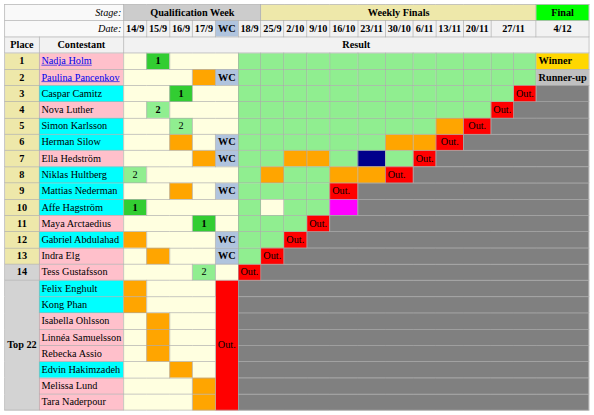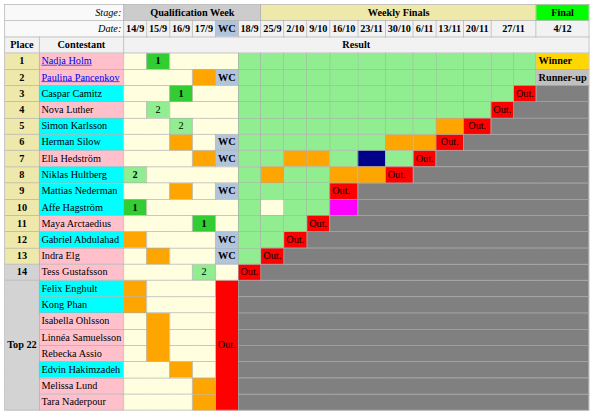 <table class="wikitable" style="margin:1em auto;">
 <tr>
 <td colspan="2" align="right"><em>Stage:</em></td>
 <td align="Center" bgcolor="#cccccc" colspan="6"><strong>Qualification Week</strong></td>
 <td colspan="11" bgcolor="palegoldenrod" align="Center"><strong>Weekly Finals</strong></td>
 <td style="background: Lime" align="Center"><strong>Final</strong></td>
 </tr>
 <tr>
 <td colspan="2" align="right"><em>Date:</em></td>
 <th>14/9</th>
 <th>15/9</th>
 <th>16/9</th>
 <th>17/9</th>
 <th style="background:lightsteelblue">WC</th>
 <th>18/9</th>
 <th>25/9</th>
 <th>2/10</th>
 <th>9/10</th>
 <th>16/10</th>
 <th>23/11</th>
 <th>30/10</th>
 <th>6/11</th>
 <th>13/11</th>
 <th>20/11</th>
 <th colspan="2">27/11</th>
 <th>4/12</th>
 </tr>
 <tr>
 <th>Place</th>
 <th>Contestant</th>
 <th colspan="18" align="center">Result</th>
 </tr>
 <tr>
 <td align="center" style="background:palegoldenrod"><strong>1</strong></td>
 <td style="background:pink"><a href='#'>Nadja Holm</a></td>
 <td bgcolor="lightyellow"></td>
 <td align="center" style="background:limegreen"><strong>1</strong></td>
 <td bgcolor="lightyellow" colspan="3"></td>
 <td style="background:lightgreen"></td>
 <td style="background:lightgreen"></td>
 <td style="background:lightgreen"></td>
 <td style="background:lightgreen"></td>
 <td style="background:lightgreen"></td>
 <td style="background:lightgreen"></td>
 <td style="background:lightgreen"></td>
 <td style="background:lightgreen"></td>
 <td style="background:lightgreen"></td>
 <td style="background:lightgreen"></td>
 <td style="background:lightgreen"></td>
 <td style="background:lightgreen"></td>
 <td bgcolor="gold"><strong>Winner</strong></td>
 </tr>
 <tr>
 <td align="center" style="background:palegoldenrod"><strong>2</strong></td>
 <td style="background:pink"><a href='#'>Paulina Pancenkov</a></td>
 <td colspan="3" bgcolor="lightyellow"></td>
 <td style="background:orange"></td>
 <td align="center" style="background:lightsteelblue"><strong>WC</strong></td>
 <td style="background:lightgreen"></td>
 <td style="background:lightgreen"></td>
 <td style="background:lightgreen"></td>
 <td style="background:lightgreen"></td>
 <td style="background:lightgreen"></td>
 <td style="background:lightgreen"></td>
 <td style="background:lightgreen"></td>
 <td style="background:lightgreen"></td>
 <td style="background:lightgreen"></td>
 <td style="background:lightgreen"></td>
 <td style="background:lightgreen"></td>
 <td style="background:lightgreen"></td>
 <td style="background:silver"><strong>Runner-up</strong></td>
 </tr>
 <tr>
 <td align="center" style="background:palegoldenrod"><strong>3</strong></td>
 <td style="background:cyan">Caspar Camitz</td>
 <td bgcolor="lightyellow" colspan="2"></td>
 <td align="center" style="background:limegreen"><strong>1</strong></td>
 <td bgcolor="lightyellow" colspan="2"></td>
 <td style="background:lightgreen"></td>
 <td style="background:lightgreen"></td>
 <td style="background:lightgreen"></td>
 <td style="background:lightgreen"></td>
 <td style="background:lightgreen"></td>
 <td style="background:lightgreen"></td>
 <td style="background:lightgreen"></td>
 <td style="background:lightgreen"></td>
 <td style="background:lightgreen"></td>
 <td style="background:lightgreen"></td>
 <td style="background:lightgreen"></td>
 <td align="center" style="background:red"><span>Out.</span></td>
 <td bgcolor="gray"></td>
 </tr>
 <tr>
 <td align="center" style="background:palegoldenrod"><strong>4</strong></td>
 <td style="background:pink">Nova Luther</td>
 <td bgcolor="lightyellow"></td>
-<td align="center" style="background:lightgreen"><strong>2</strong></td>
+<td align="center" style="background:lightgreen">2</td>
 <td bgcolor="lightyellow" colspan="3"></td>
 <td style="background:lightgreen"></td>
 <td style="background:lightgreen"></td>
 <td style="background:lightgreen"></td>
 <td style="background:lightgreen"></td>
 <td style="background:lightgreen"></td>
 <td style="background:lightgreen"></td>
 <td style="background:lightgreen"></td>
 <td style="background:lightgreen"></td>
 <td style="background:lightgreen"></td>
 <td style="background:lightgreen"></td>
 <td align="center" style="background:red"><span>Out.</span></td>
 <td colspan="2" bgcolor="gray"></td>
 </tr>
 <tr>
 <td align="center" style="background:palegoldenrod"><strong>5</strong></td>
 <td style="background:cyan">Simon Karlsson</td>
 <td bgcolor="lightyellow" colspan="2"></td>
 <td align="center" style="background:lightgreen">2</td>
 <td bgcolor="lightyellow" colspan="2"></td>
 <td style="background:lightgreen"></td>
 <td style="background:lightgreen"></td>
 <td style="background:lightgreen"></td>
 <td style="background:lightgreen"></td>
 <td style="background:lightgreen"></td>
 <td style="background:lightgreen"></td>
 <td style="background:lightgreen"></td>
 <td style="background:lightgreen"></td>
 <td style="background:orange"></td>
 <td align="center" style="background:red"><span>Out.</span></td>
 <td colspan="3" bgcolor="gray"></td>
 </tr>
 <tr>
 <td align="center" style="background:palegoldenrod"><strong>6</strong></td>
 <td style="background:cyan">Herman Silow</td>
 <td colspan="2" bgcolor="lightyellow"></td>
 <td style="background:orange"></td>
 <td bgcolor="lightyellow"></td>
 <td align="center" style="background:lightsteelblue"><strong>WC</strong></td>
 <td style="background:lightgreen"></td>
 <td style="background:lightgreen"></td>
 <td style="background:lightgreen"></td>
 <td style="background:lightgreen"></td>
 <td style="background:lightgreen"></td>
 <td style="background:lightgreen"></td>
 <td style="background:orange"></td>
 <td style="background:orange"></td>
 <td align="center" style="background:red"><span>Out.</span></td>
 <td colspan="4" bgcolor="gray"></td>
 </tr>
 <tr>
 <td align="center" style="background:palegoldenrod"><strong>7</strong></td>
 <td style="background:pink">Ella Hedström</td>
 <td bgcolor="lightyellow" colspan="3"></td>
 <td style="background:orange"></td>
 <td align="center" style="background:lightsteelblue"><strong>WC</strong></td>
 <td style="background:lightgreen"></td>
 <td style="background:lightgreen"></td>
 <td bgcolor="orange"></td>
 <td bgcolor="orange"></td>
 <td style="background:lightgreen"></td>
 <td style="background:darkblue"></td>
 <td style="background:lightgreen"></td>
 <td bgcolor="red"><span>Out.</span></td>
 <td colspan="5" bgcolor="gray"></td>
 </tr>
 <tr>
 <td align="center" style="background:palegoldenrod"><strong>8</strong></td>
 <td style="background:cyan">Niklas Hultberg</td>
-<td align="center" style="background:lightgreen">2</td>
+<td align="center" style="background:lightgreen"><strong>2</strong></td>
 <td bgcolor="lightyellow" colspan="4"></td>
 <td style="background:lightgreen"></td>
 <td bgcolor="orange"></td>
 <td style="background:lightgreen"></td>
 <td style="background:lightgreen"></td>
 <td bgcolor="orange"></td>
 <td bgcolor="orange"></td>
 <td bgcolor="red"><span>Out.</span></td>
 <td colspan="6" bgcolor="gray"></td>
 </tr>
 <tr>
 <td align="center" style="background:palegoldenrod"><strong>9</strong></td>
 <td style="background:cyan">Mattias Nederman</td>
 <td bgcolor="lightyellow" colspan="2"></td>
 <td style="background:orange"></td>
 <td bgcolor="lightyellow"></td>
 <td align="center" style="background:lightsteelblue"><strong>WC</strong></td>
 <td style="background:lightgreen"></td>
 <td style="background:lightgreen"></td>
 <td style="background:lightgreen"></td>
 <td style="background:lightgreen"></td>
 <td bgcolor="red"><span>Out.</span></td>
 <td bgcolor="gray" colspan="8"></td>
 </tr>
 <tr>
 <td align="center" style="background:palegoldenrod"><strong>10</strong></td>
 <td style="background:cyan">Affe Hagström</td>
 <td align="center" style="background:limegreen"><strong>1</strong></td>
 <td style="background:lightyellow" colspan="4"></td>
 <td style="background:lightgreen"></td>
 <td style="background:lightyellow"></td>
 <td style="background:lightgreen"></td>
 <td style="background:lightgreen"></td>
 <td bgcolor="magenta"></td>
 <td bgcolor="gray" colspan="8"></td>
 </tr>
 <tr>
 <td align="center" style="background:palegoldenrod"><strong>11</strong></td>
 <td style="background:pink">Maya Arctaedius</td>
 <td bgcolor="lightyellow" colspan="3"></td>
 <td align="center" style="background:limegreen"><strong>1</strong></td>
 <td bgcolor="lightyellow"></td>
 <td style="background:lightgreen"></td>
 <td style="background:lightgreen"></td>
 <td style="background:lightgreen"></td>
 <td bgcolor="red"><span>Out.</span></td>
 <td bgcolor="gray" colspan="9"></td>
 </tr>
 <tr>
 <td align="center" style="background:palegoldenrod"><strong>12</strong></td>
 <td style="background:cyan">Gabriel Abdulahad</td>
 <td style="background:orange"></td>
 <td bgcolor="lightyellow" colspan="3"></td>
 <td align="center" style="background:lightsteelblue"><strong>WC</strong></td>
 <td style="background:lightgreen"></td>
 <td style="background:lightgreen"></td>
 <td bgcolor="red"><span>Out.</span></td>
 <td bgcolor="gray" colspan="10"></td>
 </tr>
 <tr>
 <td align="center" style="background:palegoldenrod"><strong>13</strong></td>
 <td style="background:pink">Indra Elg</td>
 <td bgcolor="lightyellow"></td>
 <td style="background:orange"></td>
 <td bgcolor="lightyellow" colspan="2"></td>
 <td align="center" style="background:lightsteelblue"><strong>WC</strong></td>
 <td style="background:lightgreen"></td>
 <td bgcolor="red"><span>Out.</span></td>
 <td bgcolor="gray" colspan="11"></td>
 </tr>
 <tr>
 <td align="center" style="background:lightgray"><strong>14</strong></td>
 <td style="background:pink">Tess Gustafsson</td>
 <td bgcolor="lightyellow" colspan="3"></td>
 <td align="center" style="background:lightgreen">2</td>
 <td bgcolor="lightyellow"></td>
 <td bgcolor="red"><span>Out.</span></td>
 <td bgcolor="gray" colspan="12"></td>
 </tr>
 <tr>
 <td align="center" style="background:lightgray" rowspan="8"><strong>Top 22</strong></td>
 <td style="background:cyan">Felix Enghult</td>
 <td style="background:orange"></td>
 <td bgcolor="lightyellow" colspan="3"></td>
 <td align="center" style="background:red" rowspan="8"><span>Out.</span></td>
 <td bgcolor="gray" colspan="13"></td>
 </tr>
 <tr>
 <td style="background:cyan">Kong Phan</td>
 <td style="background:orange"></td>
 <td bgcolor="lightyellow" colspan="3"></td>
 <td bgcolor="gray" colspan="13"></td>
 </tr>
 <tr>
 <td style="background:pink">Isabella Ohlsson</td>
 <td bgcolor="lightyellow"></td>
 <td style="background:orange"></td>
 <td bgcolor="lightyellow" colspan="2"></td>
 <td bgcolor="gray" colspan="13"></td>
 </tr>
 <tr>
 <td style="background:pink">Linnéa Samuelsson</td>
 <td bgcolor="lightyellow"></td>
 <td style="background:orange"></td>
 <td bgcolor="lightyellow" colspan="2"></td>
 <td bgcolor="gray" colspan="13"></td>
 </tr>
 <tr>
 <td style="background:pink">Rebecka Assio</td>
 <td bgcolor="lightyellow"></td>
 <td style="background:orange"></td>
 <td bgcolor="lightyellow" colspan="2"></td>
 <td bgcolor="gray" colspan="13"></td>
 </tr>
 <tr>
 <td style="background:cyan">Edvin Hakimzadeh</td>
 <td bgcolor="lightyellow" colspan="2"></td>
 <td style="background:orange"></td>
 <td bgcolor="lightyellow"></td>
 <td bgcolor="gray" colspan="13"></td>
 </tr>
 <tr>
 <td style="background:pink">Melissa Lund</td>
 <td bgcolor="lightyellow" colspan="3"></td>
 <td style="background:orange"></td>
 <td bgcolor="gray" colspan="13"></td>
 </tr>
 <tr>
 <td style="background:pink">Tara Naderpour</td>
 <td bgcolor="lightyellow" colspan="3"></td>
 <td style="background:orange"></td>
 <td bgcolor="gray" colspan="13"></td>
 </tr>
 </table>
